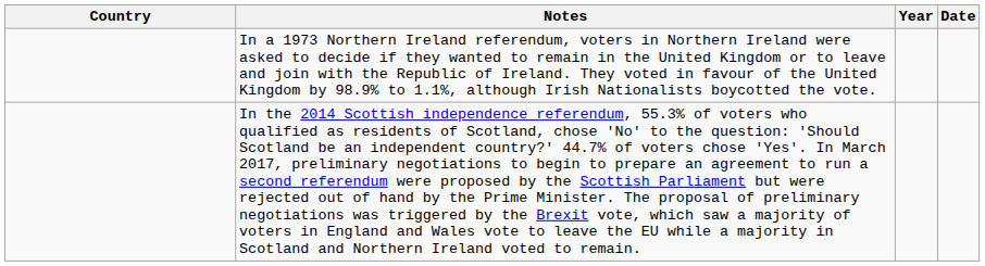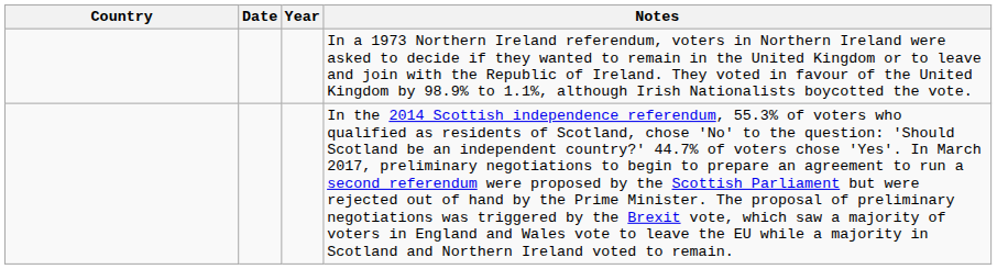 <table class="wikitable">
 <tr>
 <th width=200px>Country</th>
+<th>Date</th>
+<th>Year</th>
 <th>Notes</th>
-<th>Year</th>
-<th>Date</th>
 </tr>
 <tr>
 <td></td>
+<td style="text-align:right;"></td>
+<td style="text-align:center;"></td>
 <td>In a 1973 Northern Ireland referendum, voters in Northern Ireland were asked to decide if they wanted to remain in the United Kingdom or to leave and join with the Republic of Ireland. They voted in favour of the United Kingdom by 98.9% to 1.1%, although Irish Nationalists boycotted the vote.</td>
-<td style="text-align:center;"></td>
-<td style="text-align:right;"></td>
 </tr>
 <tr>
 <td></td>
+<td style="text-align:right;"></td>
+<td style="text-align:center;"></td>
 <td>In the <a href='#'>2014 Scottish independence referendum</a>, 55.3% of voters who qualified as residents of Scotland, chose 'No' to the question: 'Should Scotland be an independent country?' 44.7% of voters chose 'Yes'. In March 2017, preliminary negotiations to begin to prepare an agreement to run a <a href='#'>second referendum</a> were proposed by the <a href='#'>Scottish Parliament</a> but were rejected out of hand by the Prime Minister. The proposal of preliminary negotiations was triggered by the <a href='#'>Brexit</a> vote, which saw a majority of voters in England and Wales vote to leave the EU while a majority in Scotland and Northern Ireland voted to remain.</td>
-<td style="text-align:center;"></td>
-<td style="text-align:right;"></td>
 </tr>
 </table>
